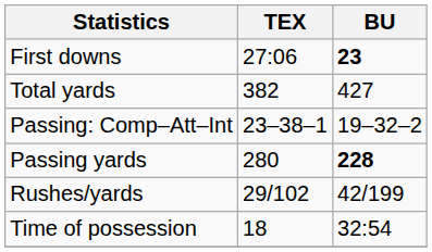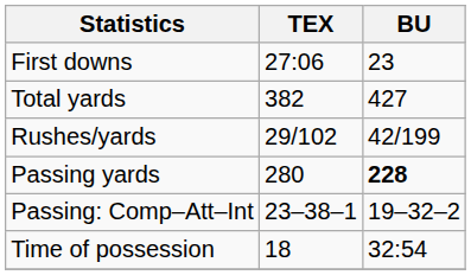 <table class="wikitable" style="float: left;">
 <tr>
 <th>Statistics</th>
 <th>TEX</th>
 <th>BU</th>
 </tr>
 <tr>
 <td>First downs</td>
 <td>27:06</td>
-<td><strong>23</strong></td>
+<td>23</td>
 </tr>
 <tr>
 <td>Total yards</td>
 <td>382</td>
 <td>427</td>
 </tr>
 <tr>
-<td>Passing: Comp–Att–Int</td>
-<td>23–38–1</td>
-<td>19–32–2</td>
+<td>Rushes/yards</td>
+<td>29/102</td>
+<td>42/199</td>
 </tr>
 <tr>
 <td>Passing yards</td>
 <td>280</td>
 <td><strong>228</strong></td>
 </tr>
 <tr>
-<td>Rushes/yards</td>
-<td>29/102</td>
-<td>42/199</td>
+<td>Passing: Comp–Att–Int</td>
+<td>23–38–1</td>
+<td>19–32–2</td>
 </tr>
 <tr>
 <td>Time of possession</td>
 <td>18</td>
 <td>32:54</td>
 </tr>
 <tr>
 </tr>
 </table>
